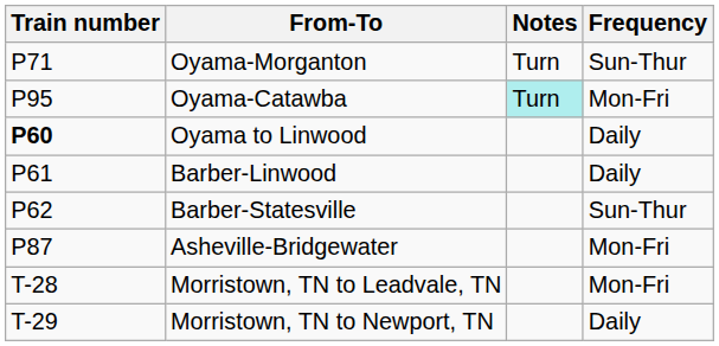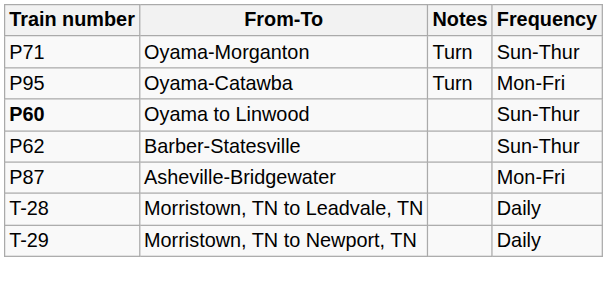 <table class="wikitable">
 <tr>
 <th>Train number</th>
 <th>From-To</th>
 <th>Notes</th>
 <th>Frequency</th>
 </tr>
 <tr>
 <td>P71</td>
 <td>Oyama-Morganton</td>
 <td>Turn</td>
 <td>Sun-Thur</td>
 </tr>
 <tr>
 <td>P95</td>
 <td>Oyama-Catawba</td>
-<td style="background: paleturquoise;">Turn</td>
+<td>Turn</td>
 <td>Mon-Fri</td>
 </tr>
 <tr>
 <td><strong>P60</strong></td>
 <td>Oyama to Linwood</td>
 <td></td>
-<td>Daily</td>
-</tr>
-<tr>
-<td>P61</td>
-<td>Barber-Linwood</td>
-<td></td>
-<td>Daily</td>
+<td>Sun-Thur</td>
 </tr>
 <tr>
 <td>P62</td>
 <td>Barber-Statesville</td>
 <td></td>
 <td>Sun-Thur</td>
 </tr>
 <tr>
 <td>P87</td>
 <td>Asheville-Bridgewater</td>
 <td></td>
 <td>Mon-Fri</td>
 </tr>
 <tr>
 <td>T-28</td>
 <td>Morristown, TN to Leadvale, TN</td>
 <td></td>
-<td>Mon-Fri</td>
+<td>Daily</td>
 </tr>
 <tr>
 <td>T-29</td>
 <td>Morristown, TN to Newport, TN</td>
 <td></td>
 <td>Daily</td>
 </tr>
 </table>
